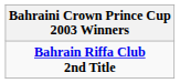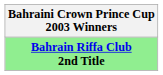 <table class="wikitable" style="text-align: center; margin: 0 auto;">
 <tr>
 <th>Bahraini Crown Prince Cup <br>2003 Winners</th>
 </tr>
 <tr>
-<td><strong><a href='#'>Bahrain Riffa Club</a></strong><br><strong>2nd Title</strong></td>
+<td style="background: lightgreen;"><strong><a href='#'>Bahrain Riffa Club</a></strong><br><strong>2nd Title</strong></td>
 </tr>
 </table>
